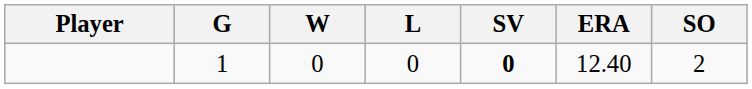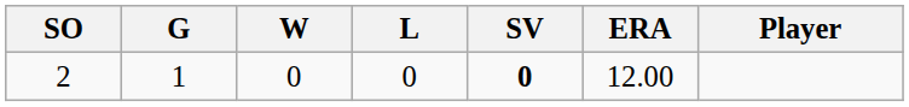 <table class="wikitable sortable">
 <tr>
-<th bgcolor="#DDDDFF" width="16%">Player</th>
+<th bgcolor="#DDDDFF" width="9%">SO</th>
 <th bgcolor="#DDDDFF" width="9%">G</th>
 <th bgcolor="#DDDDFF" width="9%">W</th>
 <th bgcolor="#DDDDFF" width="9%">L</th>
 <th bgcolor="#DDDDFF" width="9%">SV</th>
 <th bgcolor="#DDDDFF" width="9%">ERA</th>
-<th bgcolor="#DDDDFF" width="9%">SO</th>
+<th bgcolor="#DDDDFF" width="16%">Player</th>
 </tr>
 <tr align="center">
-<td></td>
+<td>2</td>
 <td>1</td>
 <td>0</td>
 <td>0</td>
 <td><strong>0</strong></td>
-<td>12.40</td>
-<td>2</td>
+<td>12.00</td>
+<td></td>
 </tr>
 </table>
